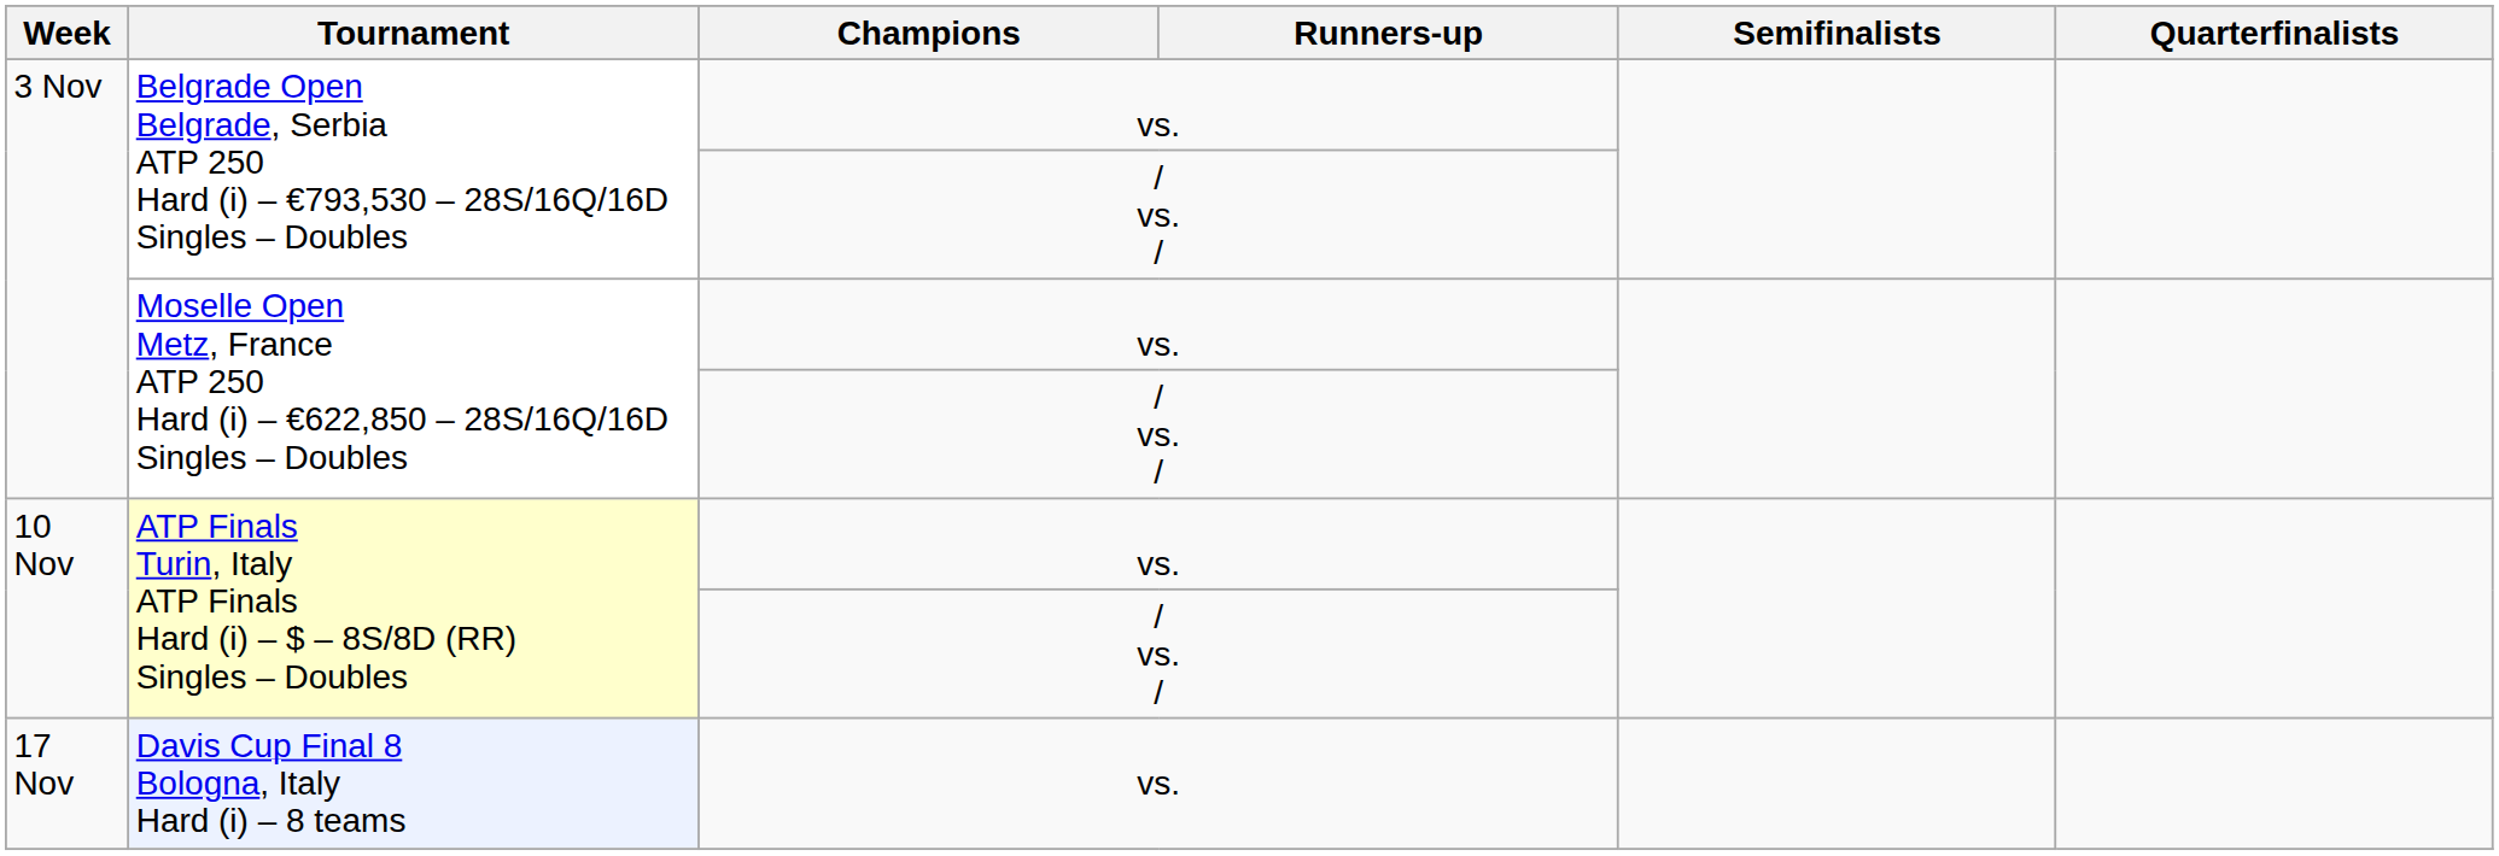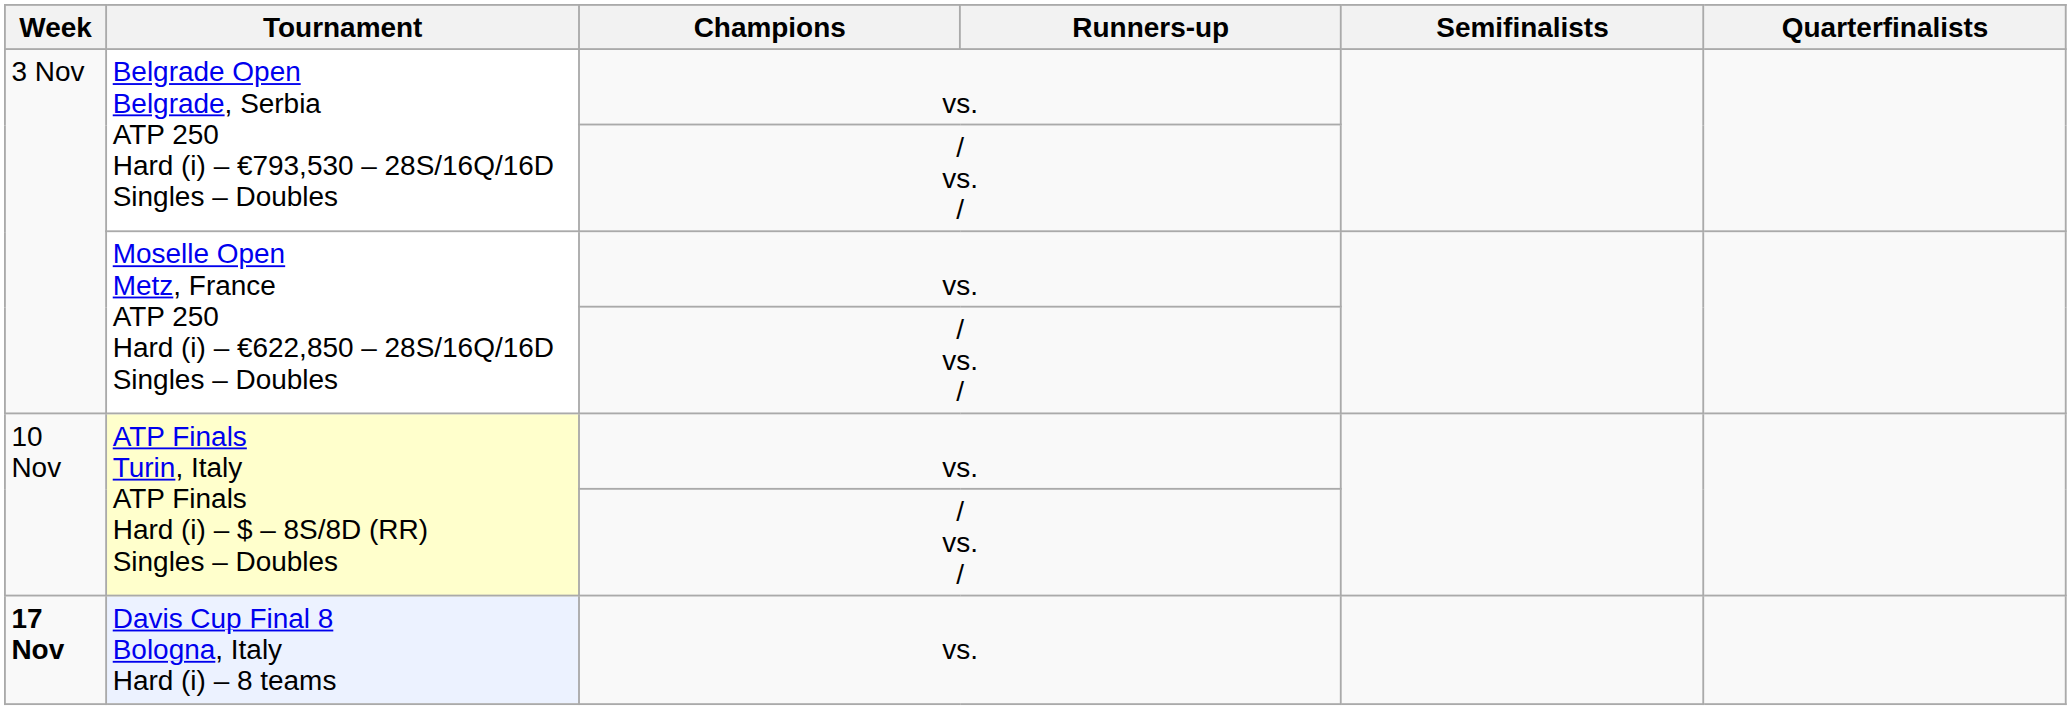 <table class=wikitable style=font-size:95%>
 <tr>
 <th style="width:48px;">Week</th>
 <th style="width:250px;">Tournament</th>
 <th style="width:200px;">Champions</th>
 <th style="width:200px;">Runners-up</th>
 <th style="width:190px;">Semifinalists</th>
 <th style="width:190px;">Quarterfinalists</th>
 </tr>
 <tr style="vertical-align:top">
 <td rowspan=4>3 Nov</td>
 <td style="background:#fff;" rowspan=2><a href='#'>Belgrade Open</a><br><a href='#'>Belgrade</a>, Serbia<br>ATP 250<br>Hard (i) – €793,530 – 28S/16Q/16D<br>Singles – Doubles</td>
 <td colspan="2" align=center> <br> vs. <br> </td>
 <td rowspan=2><br></td>
 <td rowspan=2><br><br><br></td>
 </tr>
 <tr style="vertical-align:top">
 <td colspan="2" align=center> /  <br> vs. <br>  / </td>
 </tr>
 <tr style="vertical-align:top">
 <td style="background:#fff;" rowspan=2><a href='#'>Moselle Open</a><br><a href='#'>Metz</a>, France<br>ATP 250<br>Hard (i) – €622,850 – 28S/16Q/16D<br>Singles – Doubles</td>
 <td colspan="2" align=center> <br> vs. <br> </td>
 <td rowspan=2><br></td>
 <td rowspan=2><br><br><br></td>
 </tr>
 <tr style="vertical-align:top">
 <td colspan="2" align=center> /  <br> vs. <br>  / </td>
 </tr>
 <tr style="vertical-align:top">
 <td rowspan=2>10 Nov</td>
 <td style="background:#ffc;" rowspan=2><a href='#'>ATP Finals</a><br><a href='#'>Turin</a>, Italy<br>ATP Finals<br>Hard (i) – $ – 8S/8D (RR)<br>Singles – Doubles</td>
 <td colspan="2" align=center> <br> vs. <br> </td>
 <td rowspan=2><br></td>
 <td rowspan=2><br><br><br></td>
 </tr>
 <tr style="vertical-align:top">
 <td colspan="2" align=center> /  <br> vs. <br>  / </td>
 </tr>
 <tr style="vertical-align:top">
-<td>17 Nov</td>
+<td><strong>17 Nov</strong></td>
 <td style="background:#ecf2ff;"><a href='#'>Davis Cup Final 8</a><br><a href='#'>Bologna</a>, Italy<br>Hard (i) – 8 teams</td>
 <td colspan="2" align=center> <br> vs. <br> </td>
 <td><br></td>
 <td></td>
 </tr>
 </table>
